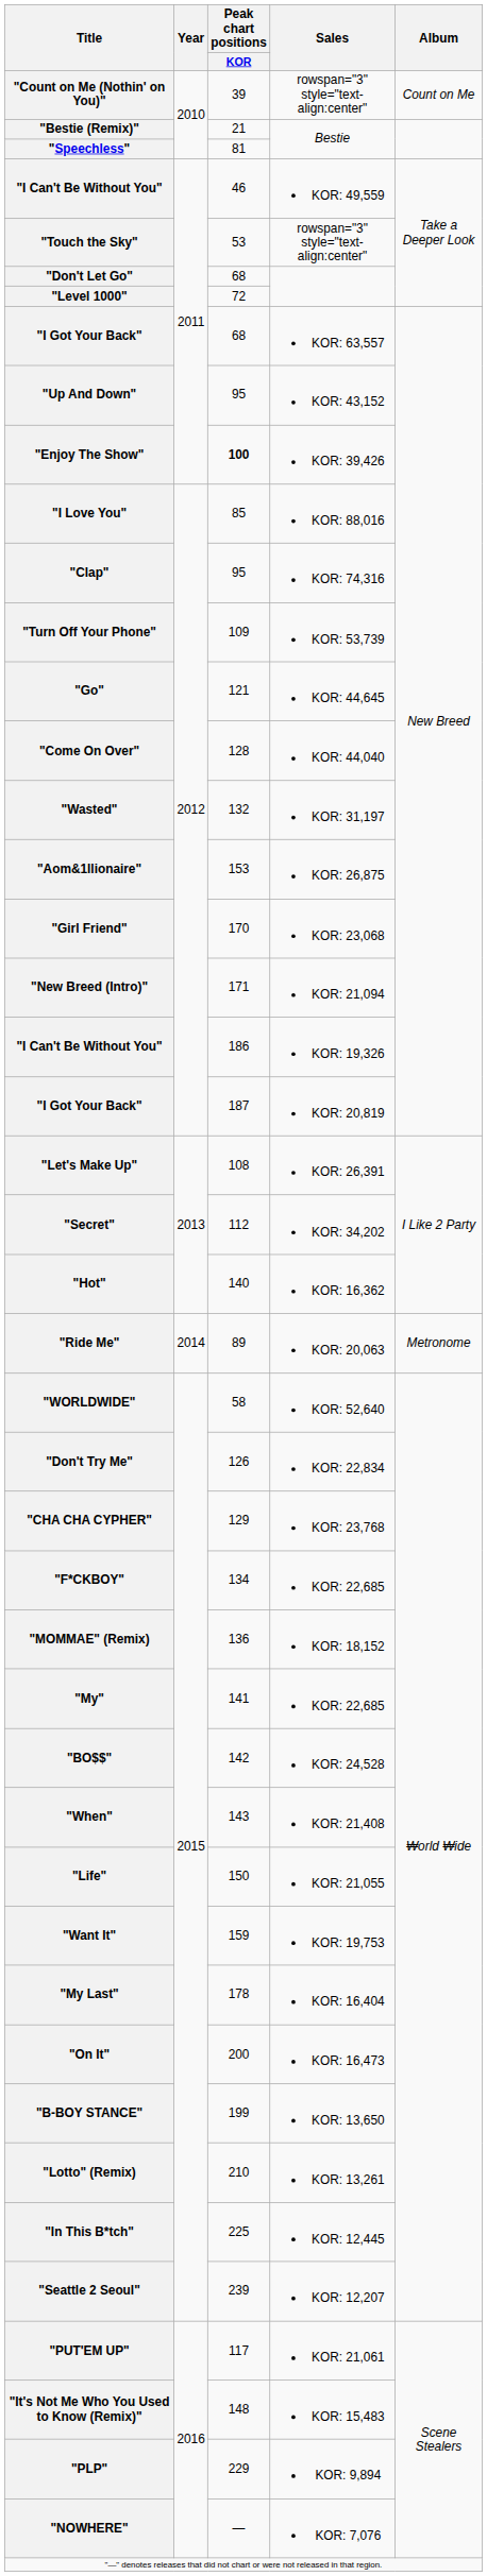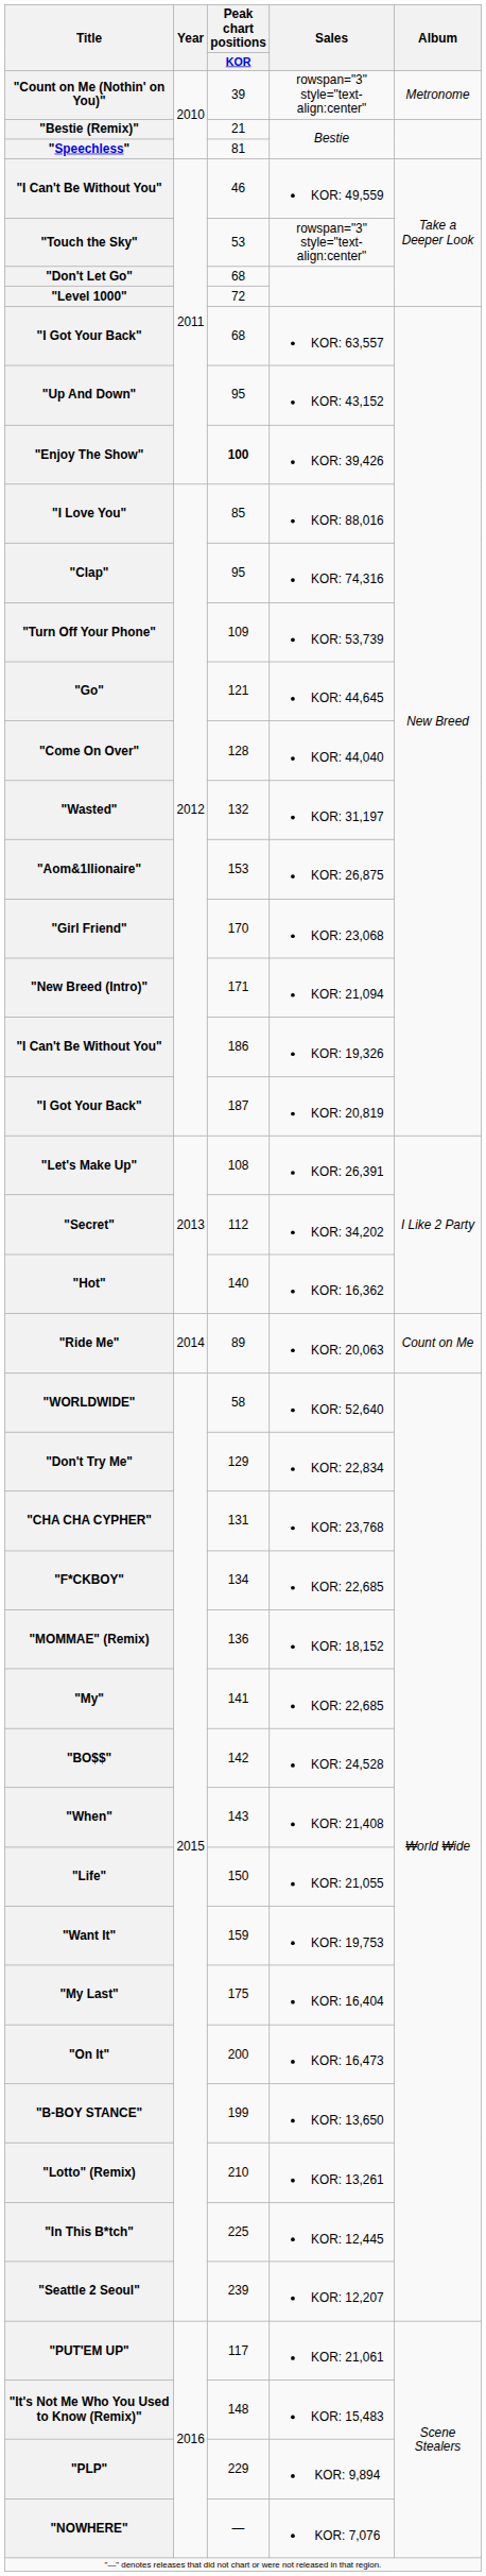 <table class="wikitable plainrowheaders" style="text-align:center" border="1">
 <tr>
 <th rowspan="2">Title</th>
 <th rowspan="2">Year</th>
 <th colspan="1">Peak chart positions</th>
 <th rowspan="2">Sales</th>
 <th rowspan="2">Album</th>
 </tr>
 <tr>
 <th scope="col" style="width:3em;font-size:90%"><a href='#'>KOR</a><br></th>
 </tr>
 <tr>
 <th scope="row">"Count on Me (Nothin' on You)" </th>
 <td rowspan="3">2010</td>
 <td>39</td>
 <td>rowspan="3" style="text-align:center" </td>
-<td><em>Count on Me</em></td>
+<td><em>Metronome</em></td>
 </tr>
 <tr>
 <th scope="row">"Bestie (Remix)" </th>
 <td>21</td>
 <td rowspan="2"><em>Bestie</em></td>
 </tr>
 <tr>
 <th scope="row">"<a href='#'>Speechless</a>" </th>
 <td>81</td>
 </tr>
 <tr>
 <th scope="row">"I Can't Be Without You" </th>
 <td rowspan="7">2011</td>
 <td>46</td>
 <td><br><ul><li>KOR: 49,559</li></ul></td>
 <td rowspan="4"><em>Take a Deeper Look</em></td>
 </tr>
 <tr>
 <th scope="row">"Touch the Sky" </th>
 <td>53</td>
 <td>rowspan="3" style="text-align:center" </td>
 </tr>
 <tr>
 <th scope="row">"Don't Let Go"</th>
 <td>68</td>
 </tr>
 <tr>
 <th scope="row">"Level 1000" </th>
 <td>72</td>
 </tr>
 <tr>
 <th scope="row">"I Got Your Back"</th>
 <td>68</td>
 <td><br><ul><li>KOR: 63,557</li></ul></td>
 <td rowspan="14"><em>New Breed</em></td>
 </tr>
 <tr>
 <th scope="row">"Up And Down" </th>
 <td>95</td>
 <td><br><ul><li>KOR: 43,152</li></ul></td>
 </tr>
 <tr>
 <th scope="row">"Enjoy The Show" </th>
 <td><strong>100</strong></td>
 <td><br><ul><li>KOR: 39,426</li></ul></td>
 </tr>
 <tr>
 <th scope="row">"I Love You" </th>
 <td rowspan="11">2012</td>
 <td>85</td>
 <td><br><ul><li>KOR: 88,016</li></ul></td>
 </tr>
 <tr>
 <th scope="row">"Clap" </th>
 <td>95</td>
 <td><br><ul><li>KOR: 74,316</li></ul></td>
 </tr>
 <tr>
 <th scope="row">"Turn Off Your Phone"</th>
 <td>109</td>
 <td><br><ul><li>KOR: 53,739</li></ul></td>
 </tr>
 <tr>
 <th scope="row">"Go"</th>
 <td>121</td>
 <td><br><ul><li>KOR: 44,645</li></ul></td>
 </tr>
 <tr>
 <th scope="row">"Come On Over"</th>
 <td>128</td>
 <td><br><ul><li>KOR: 44,040</li></ul></td>
 </tr>
 <tr>
 <th scope="row">"Wasted" </th>
 <td>132</td>
 <td><br><ul><li>KOR: 31,197</li></ul></td>
 </tr>
 <tr>
 <th scope="row">"Aom&1llionaire" </th>
 <td>153</td>
 <td><br><ul><li>KOR: 26,875</li></ul></td>
 </tr>
 <tr>
 <th scope="row">"Girl Friend"</th>
 <td>170</td>
 <td><br><ul><li>KOR: 23,068</li></ul></td>
 </tr>
 <tr>
 <th scope="row">"New Breed (Intro)"</th>
 <td>171</td>
 <td><br><ul><li>KOR: 21,094</li></ul></td>
 </tr>
 <tr>
 <th scope="row">"I Can't Be Without You" </th>
 <td>186</td>
 <td><br><ul><li>KOR: 19,326</li></ul></td>
 </tr>
 <tr>
 <th scope="row">"I Got Your Back"</th>
 <td>187</td>
 <td><br><ul><li>KOR: 20,819</li></ul></td>
 </tr>
 <tr>
 <th scope="row">"Let's Make Up"</th>
 <td rowspan="3">2013</td>
 <td>108</td>
 <td><br><ul><li>KOR: 26,391</li></ul></td>
 <td rowspan="3"><em>I Like 2 Party</em></td>
 </tr>
 <tr>
 <th scope="row">"Secret" </th>
 <td>112</td>
 <td><br><ul><li>KOR: 34,202</li></ul></td>
 </tr>
 <tr>
 <th scope="row">"Hot"</th>
 <td>140</td>
 <td><br><ul><li>KOR: 16,362</li></ul></td>
 </tr>
 <tr>
 <th scope="row">"Ride Me" </th>
 <td>2014</td>
 <td>89</td>
 <td><br><ul><li>KOR: 20,063</li></ul></td>
-<td><em>Metronome</em></td>
+<td><em>Count on Me</em></td>
 </tr>
 <tr>
 <th scope="row">"WORLDWIDE" </th>
 <td rowspan="16">2015</td>
 <td>58</td>
 <td><br><ul><li>KOR: 52,640</li></ul></td>
 <td rowspan="16"><em>₩orld ₩ide</em></td>
 </tr>
 <tr>
 <th scope="row">"Don't Try Me" </th>
-<td>126</td>
+<td>129</td>
 <td><br><ul><li>KOR: 22,834</li></ul></td>
 </tr>
 <tr>
 <th scope="row">"CHA CHA CYPHER"<br></th>
-<td>129</td>
+<td>131</td>
 <td><br><ul><li>KOR: 23,768</li></ul></td>
 </tr>
 <tr>
 <th scope="row">"F*CKBOY" </th>
 <td>134</td>
 <td><br><ul><li>KOR: 22,685</li></ul></td>
 </tr>
 <tr>
 <th scope="row">"MOMMAE" (Remix)<br></th>
 <td>136</td>
 <td><br><ul><li>KOR: 18,152</li></ul></td>
 </tr>
 <tr>
 <th scope="row">"My" </th>
 <td>141</td>
 <td><br><ul><li>KOR: 22,685</li></ul></td>
 </tr>
 <tr>
 <th scope="row">"BO$$" </th>
 <td>142</td>
 <td><br><ul><li>KOR: 24,528</li></ul></td>
 </tr>
 <tr>
 <th scope="row">"When" </th>
 <td>143</td>
 <td><br><ul><li>KOR: 21,408</li></ul></td>
 </tr>
 <tr>
 <th scope="row">"Life" </th>
 <td>150</td>
 <td><br><ul><li>KOR: 21,055</li></ul></td>
 </tr>
 <tr>
 <th scope="row">"Want It" </th>
 <td>159</td>
 <td><br><ul><li>KOR: 19,753</li></ul></td>
 </tr>
 <tr>
 <th scope="row">"My Last" </th>
-<td>178</td>
+<td>175</td>
 <td><br><ul><li>KOR: 16,404</li></ul></td>
 </tr>
 <tr>
 <th scope="row">"On It" </th>
 <td>200</td>
 <td><br><ul><li>KOR: 16,473</li></ul></td>
 </tr>
 <tr>
 <th scope="row">"B-BOY STANCE" </th>
 <td>199</td>
 <td><br><ul><li>KOR: 13,650</li></ul></td>
 </tr>
 <tr>
 <th scope="row">"Lotto" (Remix) </th>
 <td>210</td>
 <td><br><ul><li>KOR: 13,261</li></ul></td>
 </tr>
 <tr>
 <th scope="row">"In This B*tch"</th>
 <td>225</td>
 <td><br><ul><li>KOR: 12,445</li></ul></td>
 </tr>
 <tr>
 <th scope="row">"Seattle 2 Seoul"</th>
 <td>239</td>
 <td><br><ul><li>KOR: 12,207</li></ul></td>
 </tr>
 <tr>
 <th scope="row">"PUT'EM UP" </th>
 <td rowspan="4">2016</td>
 <td>117</td>
 <td><br><ul><li>KOR: 21,061</li></ul></td>
 <td rowspan="4"><em>Scene Stealers</em></td>
 </tr>
 <tr>
 <th scope="row">"It's Not Me Who You Used to Know (Remix)"<br></th>
 <td>148</td>
 <td><br><ul><li>KOR: 15,483</li></ul></td>
 </tr>
 <tr>
 <th scope="row">"PLP" </th>
 <td>229</td>
 <td><br><ul><li>KOR: 9,894</li></ul></td>
 </tr>
 <tr>
 <th scope="row">"NOWHERE" </th>
 <td>—</td>
 <td><br><ul><li>KOR: 7,076</li></ul></td>
 </tr>
 <tr>
 <td colspan="5" style="font-size:8pt">"—" denotes releases that did not chart or were not released in that region.</td>
 </tr>
 </table>
